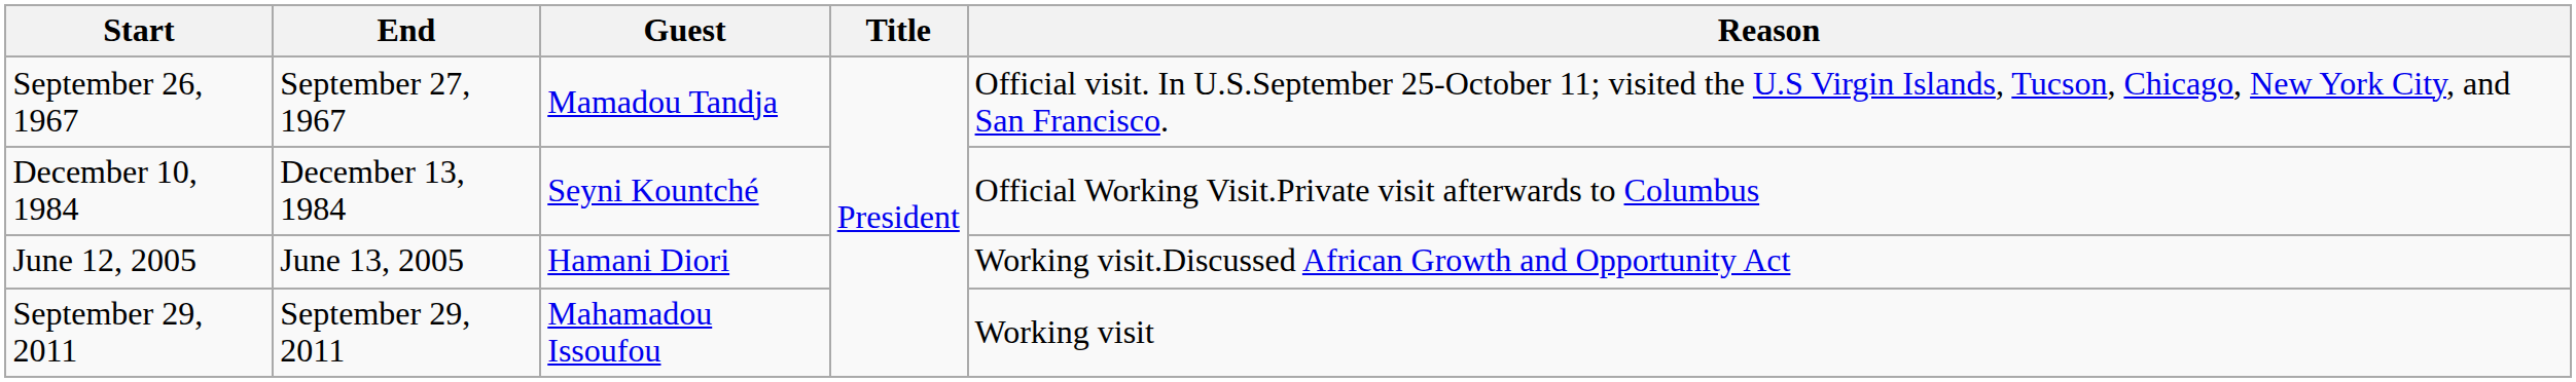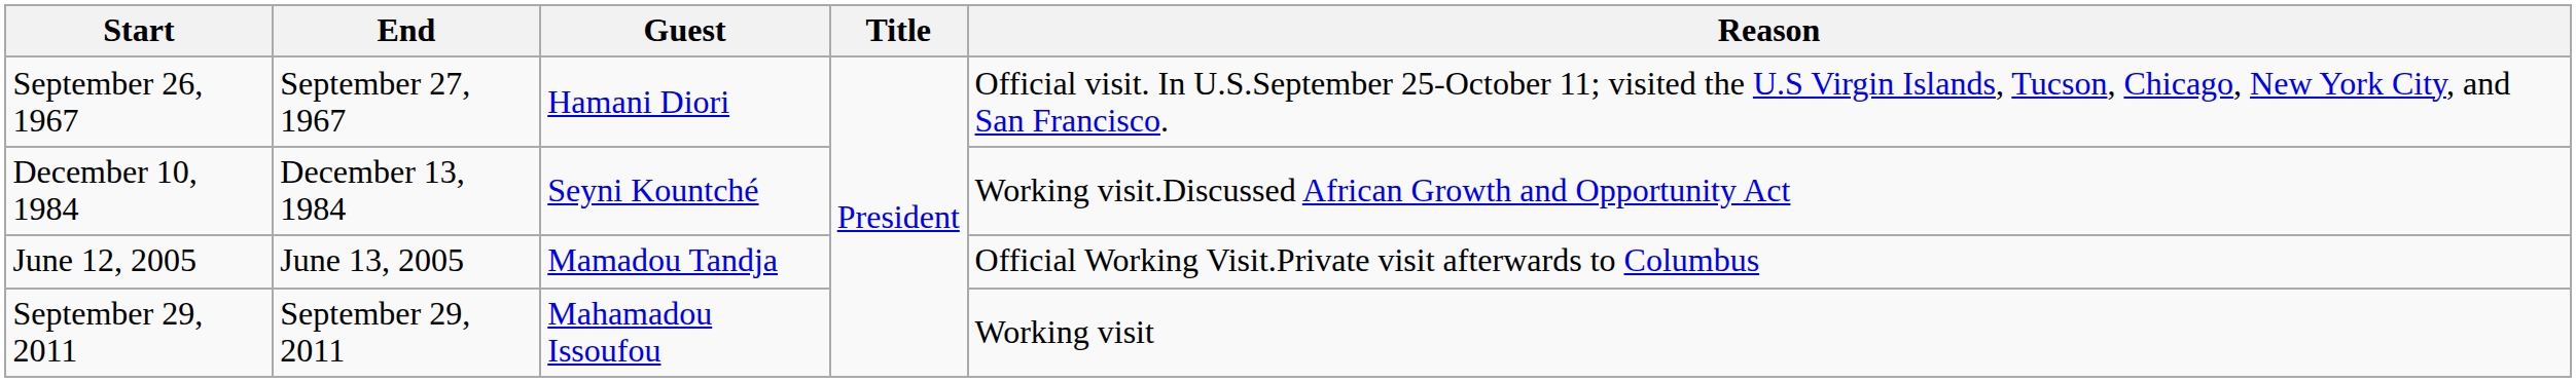 <table class="wikitable sortable">
 <tr>
 <th>Start</th>
 <th>End</th>
 <th>Guest</th>
 <th>Title</th>
 <th>Reason</th>
 </tr>
 <tr>
 <td>September 26, 1967</td>
 <td>September 27, 1967</td>
-<td><a href='#'>Mamadou Tandja</a></td>
+<td><a href='#'>Hamani Diori</a></td>
 <td rowspan=4><a href='#'>President</a></td>
 <td>Official visit. In U.S.September 25-October 11; visited the <a href='#'>U.S Virgin Islands</a>, <a href='#'>Tucson</a>, <a href='#'>Chicago</a>, <a href='#'>New York City</a>, and <a href='#'>San Francisco</a>.</td>
 </tr>
 <tr>
 <td>December 10, 1984</td>
 <td>December 13, 1984</td>
 <td><a href='#'>Seyni Kountché</a></td>
-<td>Official Working Visit.Private visit afterwards to <a href='#'>Columbus</a></td>
+<td>Working visit.Discussed <a href='#'>African Growth and Opportunity Act</a></td>
 </tr>
 <tr>
 <td>June 12, 2005</td>
 <td>June 13, 2005</td>
-<td><a href='#'>Hamani Diori</a></td>
-<td>Working visit.Discussed <a href='#'>African Growth and Opportunity Act</a></td>
+<td><a href='#'>Mamadou Tandja</a></td>
+<td>Official Working Visit.Private visit afterwards to <a href='#'>Columbus</a></td>
 </tr>
 <tr>
 <td>September 29, 2011</td>
 <td>September 29, 2011</td>
 <td><a href='#'>Mahamadou Issoufou</a></td>
 <td>Working visit</td>
 </tr>
 </table>
